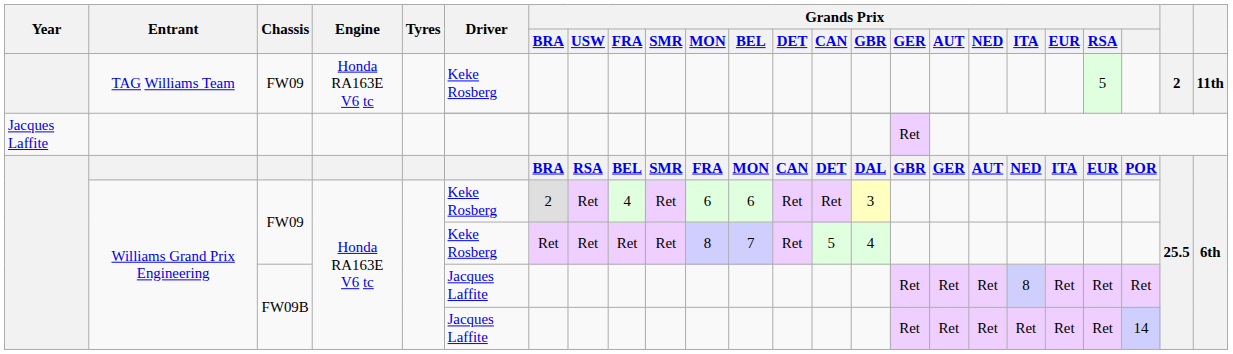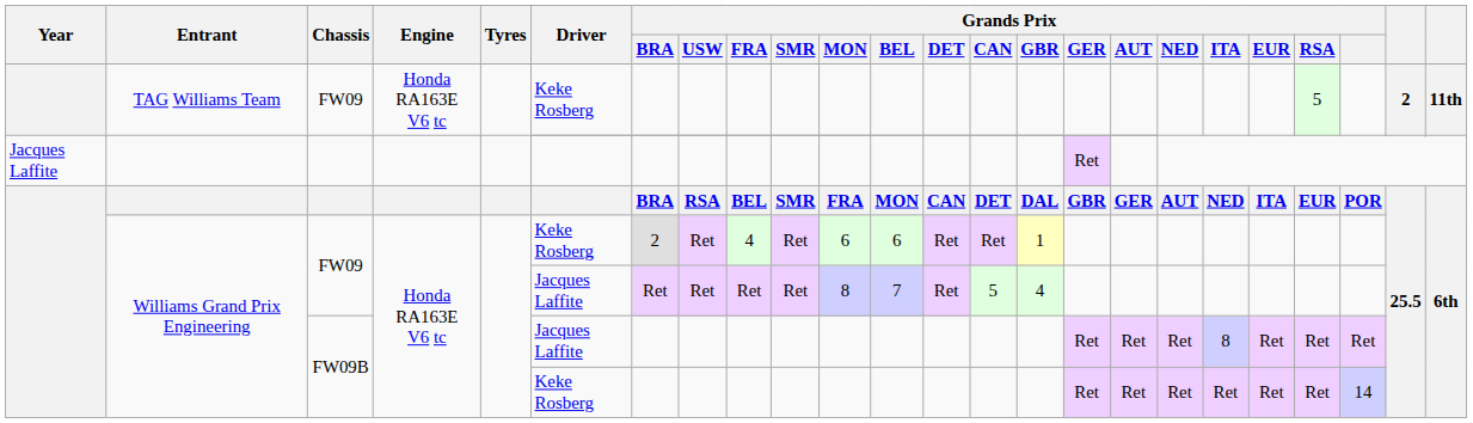 <table class="wikitable" style="text-align:center; font-size:95%">
 <tr>
 <th rowspan="2">Year</th>
 <th rowspan="2">Entrant</th>
 <th rowspan="2">Chassis</th>
 <th rowspan="2">Engine</th>
 <th rowspan="2">Tyres</th>
 <th rowspan="2">Driver</th>
 <th colspan="16">Grands Prix</th>
 <th rowspan="2"></th>
 <th rowspan="2"></th>
 </tr>
 <tr>
 <th><a href='#'>BRA</a></th>
 <th><a href='#'>USW</a></th>
 <th><a href='#'>FRA</a></th>
 <th><a href='#'>SMR</a></th>
 <th><a href='#'>MON</a></th>
 <th><a href='#'>BEL</a></th>
 <th><a href='#'>DET</a></th>
 <th><a href='#'>CAN</a></th>
 <th><a href='#'>GBR</a></th>
 <th><a href='#'>GER</a></th>
 <th><a href='#'>AUT</a></th>
 <th><a href='#'>NED</a></th>
 <th><a href='#'>ITA</a></th>
 <th><a href='#'>EUR</a></th>
 <th><a href='#'>RSA</a></th>
 <th></th>
 </tr>
 <tr>
 <th rowspan="2"></th>
 <td rowspan="2"><a href='#'>TAG</a> <a href='#'>Williams Team</a></td>
 <td rowspan="2">FW09</td>
 <td rowspan="2"><a href='#'>Honda</a> RA163E<br><a href='#'>V6</a> <a href='#'>tc</a></td>
 <td rowspan="2"></td>
 <td align="left"><a href='#'>Keke Rosberg</a></td>
 <td></td>
 <td></td>
 <td></td>
 <td></td>
 <td></td>
 <td></td>
 <td></td>
 <td></td>
 <td></td>
 <td></td>
 <td></td>
 <td></td>
 <td></td>
 <td></td>
 <td style="background:#DFFFDF;">5</td>
 <td></td>
 <th rowspan="2">2</th>
 <th rowspan="2">11th</th>
 </tr>
 <tr>
 </tr>
 <tr>
 <td align="left"><a href='#'>Jacques Laffite</a></td>
 <td></td>
 <td></td>
 <td></td>
 <td></td>
 <td></td>
 <td></td>
 <td></td>
 <td></td>
 <td></td>
 <td></td>
 <td></td>
 <td></td>
 <td></td>
 <td></td>
 <td style="background:#EFCFFF;">Ret</td>
 <td></td>
 </tr>
 <tr>
 <th rowspan="5"></th>
 <th></th>
 <th></th>
 <th></th>
 <th></th>
 <th></th>
 <th><a href='#'>BRA</a></th>
 <th><a href='#'>RSA</a></th>
 <th><a href='#'>BEL</a></th>
 <th><a href='#'>SMR</a></th>
 <th><a href='#'>FRA</a></th>
 <th><a href='#'>MON</a></th>
 <th><a href='#'>CAN</a></th>
 <th><a href='#'>DET</a></th>
 <th><a href='#'>DAL</a></th>
 <th><a href='#'>GBR</a></th>
 <th><a href='#'>GER</a></th>
 <th><a href='#'>AUT</a></th>
 <th><a href='#'>NED</a></th>
 <th><a href='#'>ITA</a></th>
 <th><a href='#'>EUR</a></th>
 <th><a href='#'>POR</a></th>
 <th rowspan="5">25.5</th>
 <th rowspan="5">6th</th>
 </tr>
 <tr>
 <td rowspan="4"><a href='#'>Williams Grand Prix Engineering</a></td>
 <td rowspan="2">FW09</td>
 <td rowspan="4"><a href='#'>Honda</a> RA163E<br><a href='#'>V6</a> <a href='#'>tc</a></td>
 <td rowspan="4"></td>
 <td align="left"><a href='#'>Keke Rosberg</a></td>
 <td style="background:#DFDFDF;">2</td>
 <td style="background:#EFCFFF;">Ret</td>
 <td style="background:#DFFFDF;">4</td>
 <td style="background:#EFCFFF;">Ret</td>
 <td style="background:#DFFFDF;">6</td>
 <td style="background:#DFFFDF;">6</td>
 <td style="background:#EFCFFF;">Ret</td>
 <td style="background:#EFCFFF;">Ret</td>
-<td style="background:#FFFFBF;">3</td>
+<td style="background:#FFFFBF;">1</td>
 <td></td>
 <td></td>
 <td></td>
 <td></td>
 <td></td>
 <td></td>
 <td></td>
 </tr>
 <tr>
-<td align="left"><a href='#'>Keke Rosberg</a></td>
+<td align="left"><a href='#'>Jacques Laffite</a></td>
 <td style="background:#EFCFFF;">Ret</td>
 <td style="background:#EFCFFF;">Ret</td>
 <td style="background:#EFCFFF;">Ret</td>
 <td style="background:#EFCFFF;">Ret</td>
 <td style="background:#CFCFFF;">8</td>
 <td style="background:#CFCFFF;">7</td>
 <td style="background:#EFCFFF;">Ret</td>
 <td style="background:#DFFFDF;">5</td>
 <td style="background:#DFFFDF;">4</td>
 <td></td>
 <td></td>
 <td></td>
 <td></td>
 <td></td>
 <td></td>
 <td></td>
 </tr>
 <tr>
 <td rowspan="2">FW09B</td>
 <td align="left"><a href='#'>Jacques Laffite</a></td>
 <td></td>
 <td></td>
 <td></td>
 <td></td>
 <td></td>
 <td></td>
 <td></td>
 <td></td>
 <td></td>
 <td style="background:#EFCFFF;">Ret</td>
 <td style="background:#EFCFFF;">Ret</td>
 <td style="background:#EFCFFF;">Ret</td>
 <td style="background:#CFCFFF;">8</td>
 <td style="background:#EFCFFF;">Ret</td>
 <td style="background:#EFCFFF;">Ret</td>
 <td style="background:#EFCFFF;">Ret</td>
 </tr>
 <tr>
-<td align=left><a href='#'>Jacques Laffite</a></td>
+<td align="left"><a href='#'>Keke Rosberg</a></td>
 <td></td>
 <td></td>
 <td></td>
 <td></td>
 <td></td>
 <td></td>
 <td></td>
 <td></td>
 <td></td>
 <td style="background:#EFCFFF;">Ret</td>
 <td style="background:#EFCFFF;">Ret</td>
 <td style="background:#EFCFFF;">Ret</td>
 <td style="background:#EFCFFF;">Ret</td>
 <td style="background:#EFCFFF;">Ret</td>
 <td style="background:#EFCFFF;">Ret</td>
 <td style="background:#CFCFFF;">14</td>
 </tr>
 </table>
